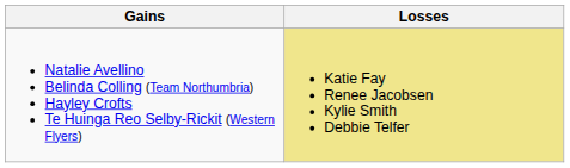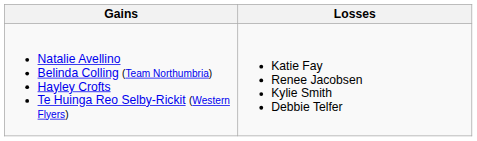 <table class=wikitable>
 <tr>
 <th width=300> Gains</th>
 <th width=300> Losses</th>
 </tr>
 <tr>
 <td><br><ul><li><a href='#'>Natalie Avellino</a></li><li><a href='#'>Belinda Colling</a> <small>(<a href='#'>Team Northumbria</a>)</small> </li><li><a href='#'>Hayley Crofts</a></li><li><a href='#'>Te Huinga Reo Selby-Rickit</a> <small>(<a href='#'>Western Flyers</a>)</small></li></ul></td>
-<td style="background: khaki;"><br><ul><li>Katie Fay</li><li>Renee Jacobsen</li><li>Kylie Smith</li><li>Debbie Telfer</li></ul></td>
+<td><br><ul><li>Katie Fay</li><li>Renee Jacobsen</li><li>Kylie Smith</li><li>Debbie Telfer</li></ul></td>
 </tr>
 </table>
